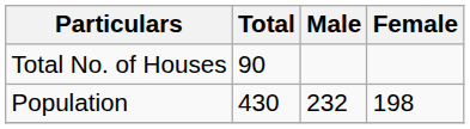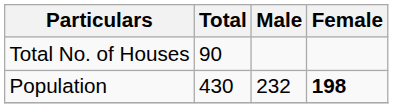 <table class="wikitable sortable">
 <tr>
 <th>Particulars</th>
 <th>Total</th>
 <th>Male</th>
 <th>Female</th>
 </tr>
 <tr>
 <td>Total No. of Houses</td>
 <td>90</td>
 <td></td>
 <td></td>
 </tr>
 <tr>
 <td>Population</td>
 <td>430</td>
 <td>232</td>
-<td>198</td>
+<td><strong>198</strong></td>
 </tr>
 <tr>
 </tr>
 </table>
